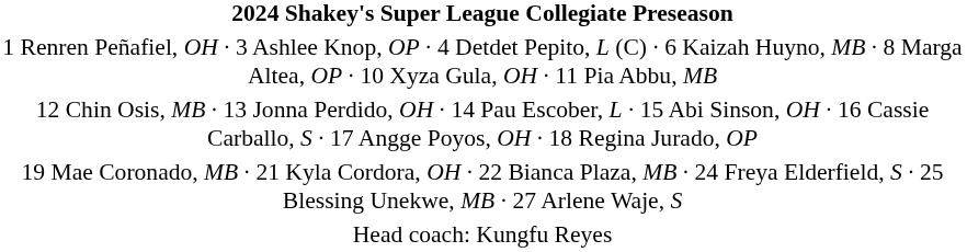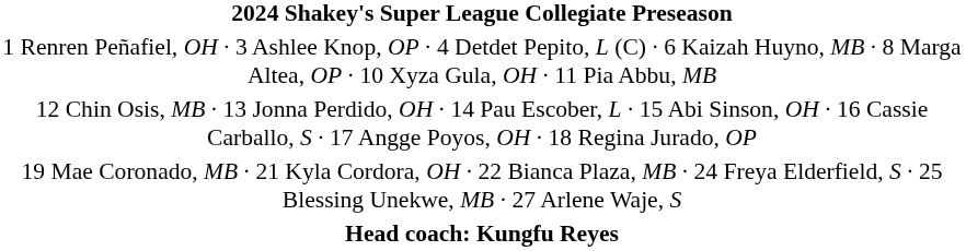 <table class=toccolours width=100% style=font-size:95%>
 <tr>
 <th style=>2024 Shakey's Super League Collegiate Preseason</th>
 </tr>
 <tr align=center>
 <td>1 Renren Peñafiel, <em>OH</em> ∙ 3 Ashlee Knop, <em>OP</em> ∙ 4 Detdet Pepito, <em>L</em> (C) ∙ 6 Kaizah Huyno, <em>MB</em> ∙ 8 Marga Altea, <em>OP</em> ∙ 10 Xyza Gula, <em>OH</em> ∙ 11 Pia Abbu, <em>MB</em></td>
 </tr>
 <tr align=center>
 <td>12 Chin Osis, <em>MB</em> ∙ 13 Jonna Perdido, <em>OH</em> ∙ 14 Pau Escober, <em>L</em> ∙ 15 Abi Sinson, <em>OH</em> ∙ 16 Cassie Carballo, <em>S</em> ∙ 17 Angge Poyos, <em>OH</em> ∙ 18 Regina Jurado, <em>OP</em></td>
 </tr>
 <tr align=center>
 <td>19 Mae Coronado, <em>MB</em> ∙ 21 Kyla Cordora, <em>OH</em> ∙ 22 Bianca Plaza, <em>MB</em> ∙ 24 Freya Elderfield, <em>S</em> ∙ 25 Blessing Unekwe, <em>MB</em> ∙ 27 Arlene Waje, <em>S</em></td>
 </tr>
 <tr align=center>
-<td>Head coach: Kungfu Reyes</td>
+<td><strong>Head coach: Kungfu Reyes</strong></td>
 </tr>
 </table>
